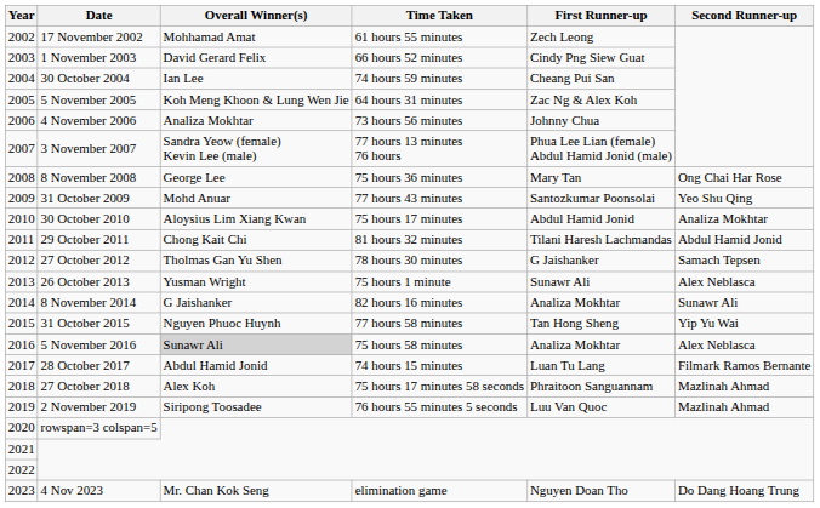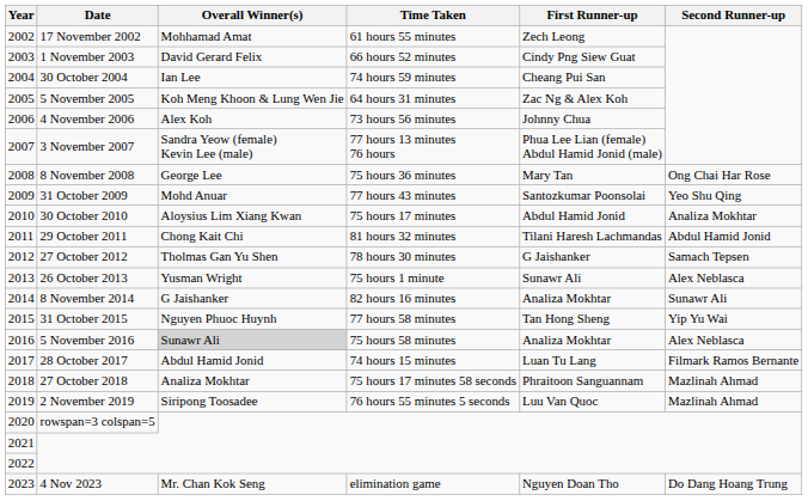 <table class="wikitable">
 <tr>
 <th>Year</th>
 <th>Date</th>
 <th>Overall Winner(s)</th>
 <th>Time Taken</th>
 <th>First Runner-up</th>
 <th>Second Runner-up</th>
 </tr>
 <tr>
 <td>2002</td>
 <td>17 November 2002</td>
 <td>Mohhamad Amat</td>
 <td>61 hours 55 minutes</td>
 <td>Zech Leong</td>
 </tr>
 <tr>
 <td>2003</td>
 <td>1 November 2003</td>
 <td>David Gerard Felix</td>
 <td>66 hours 52 minutes</td>
 <td>Cindy Png Siew Guat</td>
 </tr>
 <tr>
 <td>2004</td>
 <td>30 October 2004</td>
 <td>Ian Lee</td>
 <td>74 hours 59 minutes</td>
 <td>Cheang Pui San</td>
 </tr>
 <tr>
 <td>2005</td>
 <td>5 November 2005</td>
 <td>Koh Meng Khoon & Lung Wen Jie</td>
 <td>64 hours 31 minutes</td>
 <td>Zac Ng & Alex Koh</td>
 </tr>
 <tr>
 <td>2006</td>
 <td>4 November 2006</td>
-<td> Analiza Mokhtar</td>
+<td>Alex Koh</td>
 <td>73 hours 56 minutes</td>
 <td>Johnny Chua</td>
 </tr>
 <tr>
 <td>2007</td>
 <td>3 November 2007</td>
 <td>Sandra Yeow (female) <br> Kevin Lee (male)</td>
 <td>77 hours 13 minutes <br> 76 hours </td>
 <td>Phua Lee Lian (female) <br> Abdul Hamid Jonid (male)</td>
 </tr>
 <tr>
 <td>2008</td>
 <td>8 November 2008</td>
 <td> George Lee</td>
 <td>75 hours 36 minutes</td>
 <td> Mary Tan</td>
 <td> Ong Chai Har Rose</td>
 </tr>
 <tr>
 <td>2009</td>
 <td>31 October 2009</td>
 <td> Mohd Anuar</td>
 <td>77 hours 43 minutes</td>
 <td> Santozkumar Poonsolai</td>
 <td> Yeo Shu Qing</td>
 </tr>
 <tr>
 <td>2010</td>
 <td>30 October 2010</td>
 <td> Aloysius Lim Xiang Kwan</td>
 <td>75 hours 17 minutes</td>
 <td> Abdul Hamid Jonid</td>
 <td> Analiza Mokhtar</td>
 </tr>
 <tr>
 <td>2011</td>
 <td>29 October 2011</td>
 <td> Chong Kait Chi</td>
 <td>81 hours 32 minutes</td>
 <td> Tilani Haresh Lachmandas</td>
 <td> Abdul Hamid Jonid</td>
 </tr>
 <tr>
 <td>2012</td>
 <td>27 October 2012</td>
 <td> Tholmas Gan Yu Shen</td>
 <td>78 hours 30 minutes</td>
 <td> G Jaishanker</td>
 <td> Samach Tepsen</td>
 </tr>
 <tr>
 <td>2013</td>
 <td>26 October 2013</td>
 <td> Yusman Wright</td>
 <td>75 hours 1 minute</td>
 <td> Sunawr Ali</td>
 <td> Alex Neblasca</td>
 </tr>
 <tr>
 <td>2014</td>
 <td>8 November 2014</td>
 <td> G Jaishanker</td>
 <td>82 hours 16 minutes</td>
 <td> Analiza Mokhtar</td>
 <td> Sunawr Ali</td>
 </tr>
 <tr>
 <td>2015</td>
 <td>31 October 2015</td>
 <td> Nguyen Phuoc Huynh</td>
 <td>77 hours 58 minutes</td>
 <td> Tan Hong Sheng</td>
 <td> Yip Yu Wai</td>
 </tr>
 <tr>
 <td>2016</td>
 <td>5 November 2016</td>
 <td style="background: lightgrey;"> Sunawr Ali</td>
 <td>75 hours 58 minutes</td>
 <td> Analiza Mokhtar</td>
 <td> Alex Neblasca</td>
 </tr>
 <tr>
 <td>2017</td>
 <td>28 October 2017</td>
 <td> Abdul Hamid Jonid</td>
 <td>74 hours 15 minutes</td>
 <td> Luan Tu Lang</td>
 <td> Filmark Ramos Bernante</td>
 </tr>
 <tr>
 <td>2018</td>
 <td>27 October 2018</td>
-<td>Alex Koh</td>
+<td> Analiza Mokhtar</td>
 <td>75 hours 17 minutes 58 seconds</td>
 <td> Phraitoon Sanguannam</td>
 <td> Mazlinah Ahmad</td>
 </tr>
 <tr>
 <td>2019</td>
 <td>2 November 2019</td>
 <td> Siripong Toosadee</td>
 <td>76 hours 55 minutes 5 seconds</td>
 <td> Luu Van Quoc</td>
 <td> Mazlinah Ahmad</td>
 </tr>
 <tr>
 <td>2020</td>
 <td>rowspan=3 colspan=5 </td>
 </tr>
 <tr>
 <td>2021</td>
 </tr>
 <tr>
 <td>2022</td>
 </tr>
 <tr>
 <td>2023</td>
 <td>4 Nov 2023</td>
 <td>  Mr. Chan Kok Seng</td>
 <td>elimination game</td>
 <td> Nguyen Doan Tho</td>
 <td> Do Dang Hoang Trung</td>
 </tr>
 </table>
